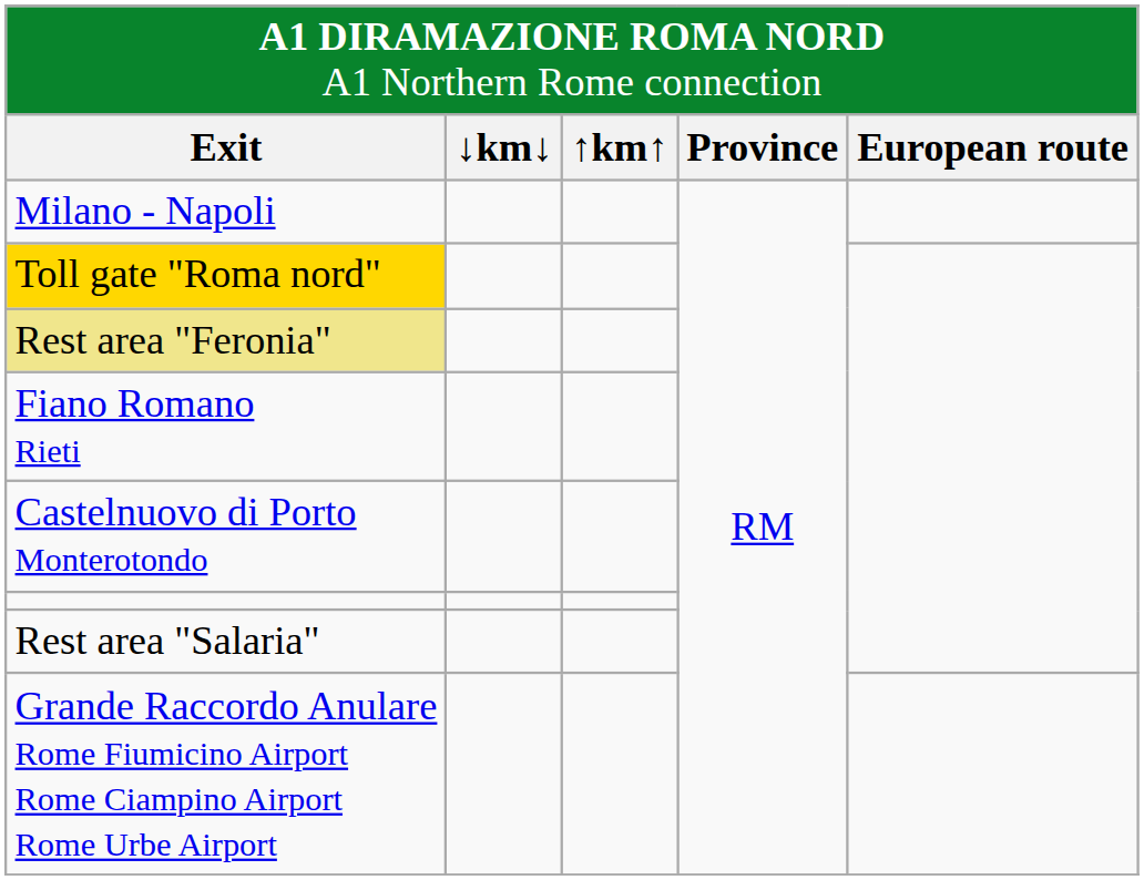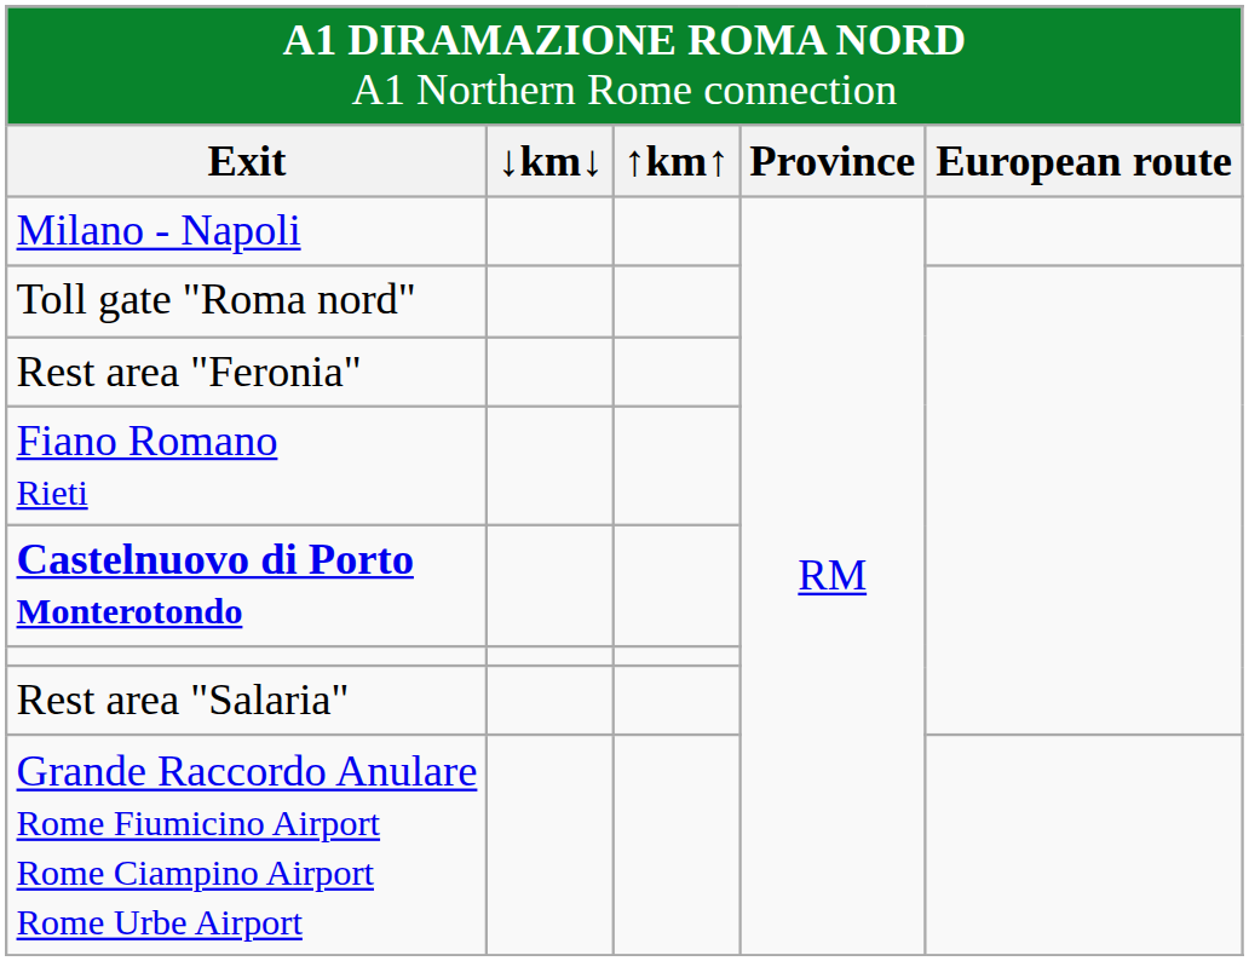 <table class="wikitable">
 <tr>
 </tr>
 <tr align="center" style="color: white;font-size:100%;" bgcolor="#08842c">
 <td colspan="6"> <strong>A1 DIRAMAZIONE ROMA NORD</strong><br>A1 Northern Rome connection</td>
 </tr>
 <tr>
 <th><strong>Exit</strong></th>
 <th align="center"><strong>↓km↓</strong></th>
 <th align="center"><strong>↑km↑</strong></th>
 <th align="center"><strong>Province</strong></th>
 <th align="center"><strong>European route</strong></th>
 </tr>
 <tr>
 <td>    <a href='#'>Milano - Napoli</a></td>
 <td align="right"></td>
 <td align="right"></td>
 <td align="center" rowspan=8><a href='#'>RM</a></td>
 <td align="center" rowspan=1></td>
 </tr>
 <tr>
-<td style="background: gold;"> Toll gate "Roma nord"</td>
+<td> Toll gate "Roma nord"</td>
 <td align="right"></td>
 <td align="right"></td>
 <td align="center" rowspan=6></td>
 </tr>
 <tr>
-<td style="background: khaki;"> Rest area "Feronia"</td>
+<td> Rest area "Feronia"</td>
 <td align="right"></td>
 <td align="right"></td>
 </tr>
 <tr>
 <td> <a href='#'>Fiano Romano</a><br><small>  <a href='#'>Rieti</a></small></td>
 <td align="right"></td>
 <td align="right"></td>
 </tr>
 <tr>
-<td> <a href='#'>Castelnuovo di Porto</a><br><small>  <a href='#'>Monterotondo</a></small></td>
+<td><strong> <a href='#'>Castelnuovo di Porto</a><br><small>  <a href='#'>Monterotondo</a></small></strong></td>
 <td align="right"></td>
 <td align="right"></td>
 </tr>
 <tr>
 <td> </td>
 <td align="right"></td>
 <td align="right"></td>
 </tr>
 <tr>
 <td> Rest area "Salaria"</td>
 <td align="right"></td>
 <td align="right"></td>
 </tr>
 <tr>
 <td>  <a href='#'>Grande Raccordo Anulare</a><br><small> <a href='#'>Rome Fiumicino Airport</a><br> <a href='#'>Rome Ciampino Airport</a><br> <a href='#'>Rome Urbe Airport</a></small></td>
 <td align="right"></td>
 <td align="right"></td>
 <td align="center" rowspan=1></td>
 </tr>
 <tr>
 </tr>
 </table>
